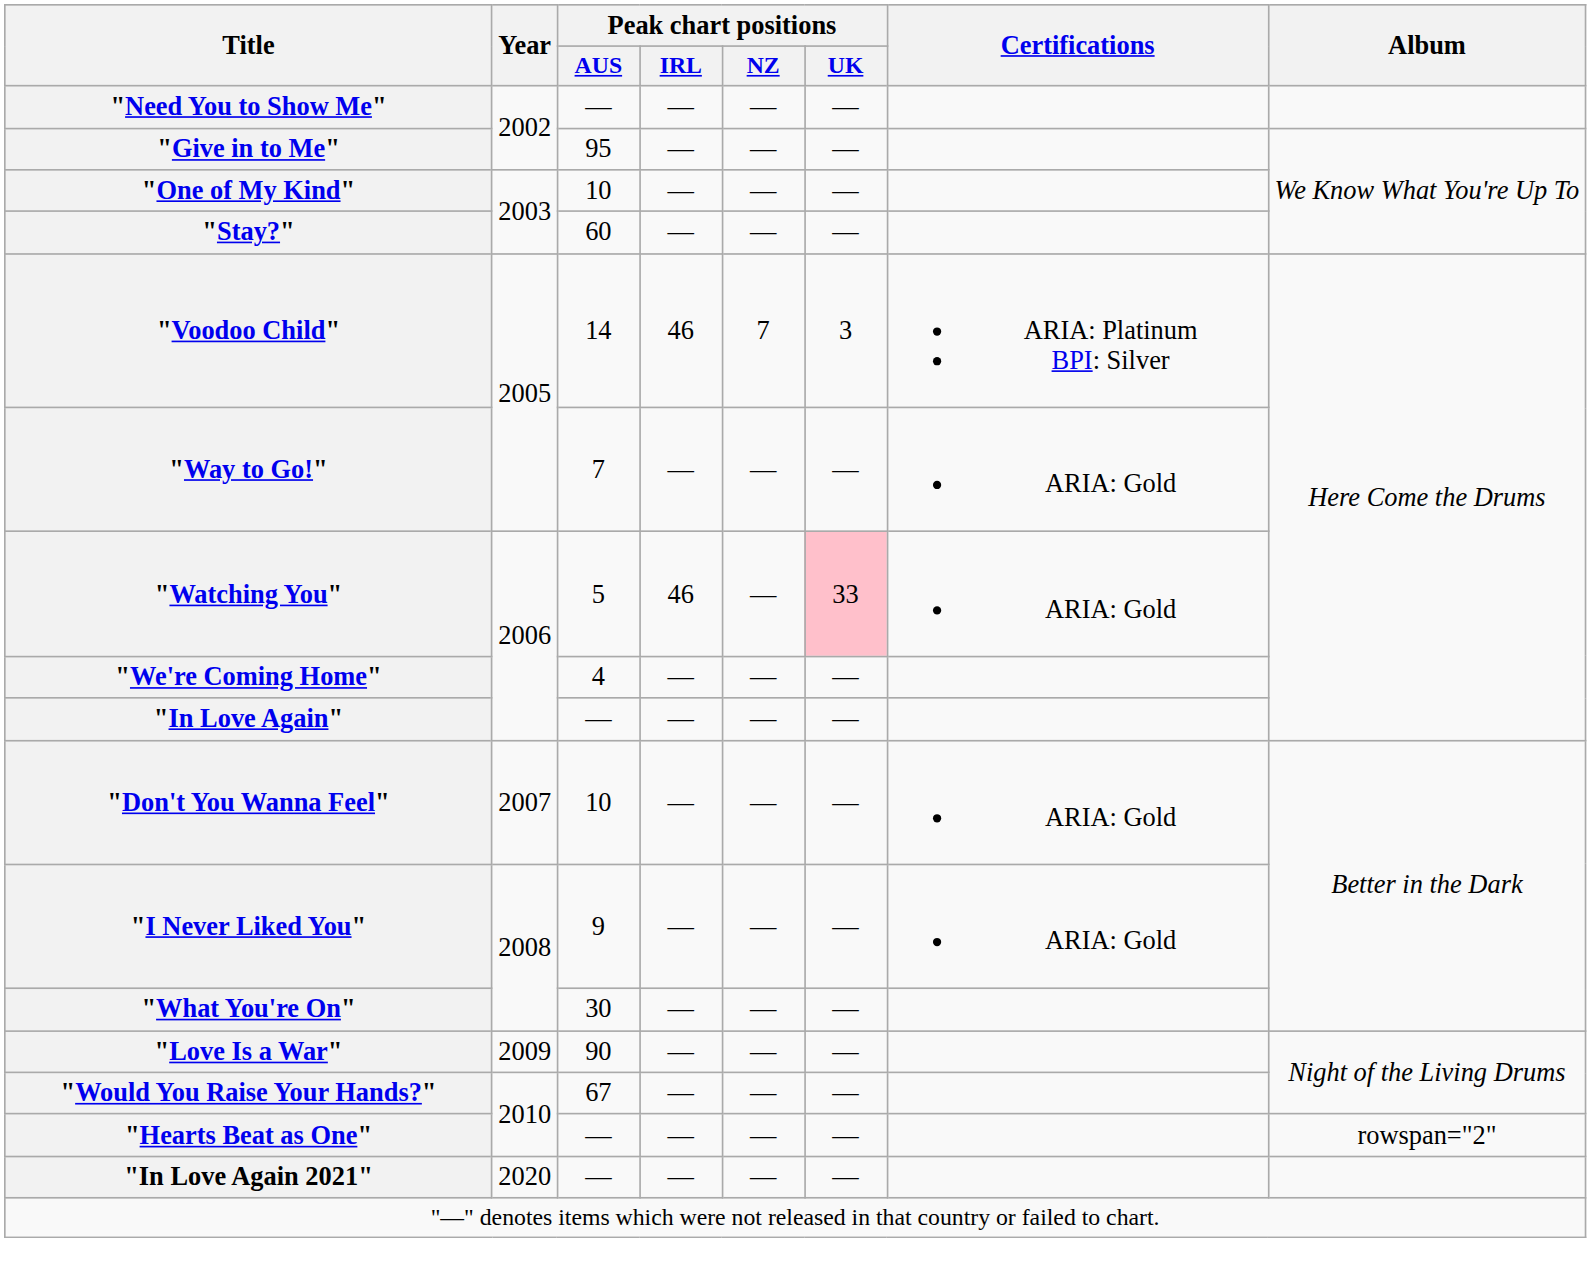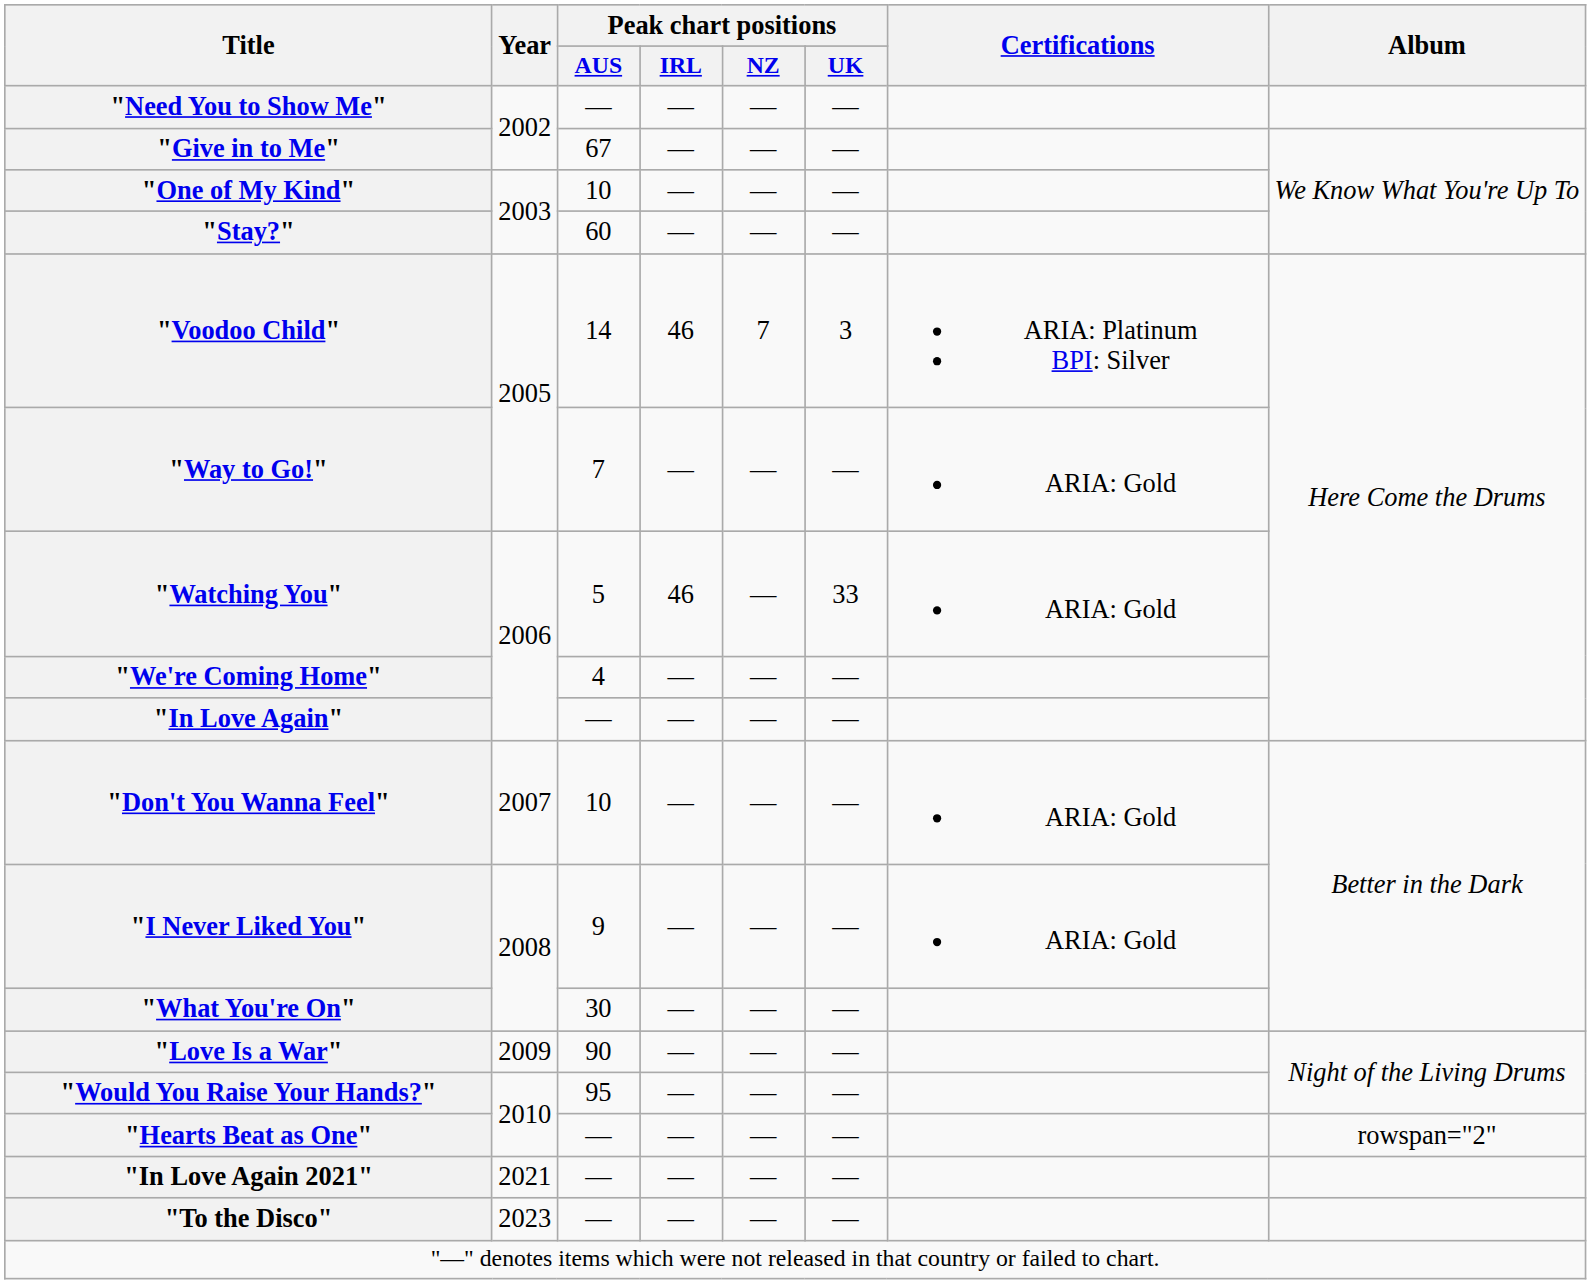 <table class="wikitable plainrowheaders" style="text-align:center;">
 <tr>
 <th scope="col" rowspan="2" style="width:18em;">Title</th>
 <th scope="col" rowspan="2">Year</th>
 <th scope="col" colspan="4">Peak chart positions</th>
 <th scope="col" rowspan="2" style="width:14em;"><a href='#'>Certifications</a></th>
 <th scope="col" rowspan="2">Album</th>
 </tr>
 <tr>
 <th scope="col" style="width:3em;font-size:90%;"><a href='#'>AUS</a><br></th>
 <th scope="col" style="width:3em;font-size:90%;"><a href='#'>IRL</a><br></th>
 <th scope="col" style="width:3em;font-size:90%;"><a href='#'>NZ</a><br></th>
 <th scope="col" style="width:3em;font-size:90%;"><a href='#'>UK</a><br></th>
 </tr>
 <tr>
 <th scope="row">"<a href='#'>Need You to Show Me</a>"</th>
 <td rowspan="2">2002</td>
 <td>—</td>
 <td>—</td>
 <td>—</td>
 <td>—</td>
 <td></td>
 <td></td>
 </tr>
 <tr>
 <th scope="row">"<a href='#'>Give in to Me</a>"</th>
-<td>95</td>
+<td>67</td>
 <td>—</td>
 <td>—</td>
 <td>—</td>
 <td></td>
 <td rowspan="3"><em>We Know What You're Up To</em></td>
 </tr>
 <tr>
 <th scope="row">"<a href='#'>One of My Kind</a>"<br></th>
 <td rowspan="2">2003</td>
 <td>10</td>
 <td>—</td>
 <td>—</td>
 <td>—</td>
 <td></td>
 </tr>
 <tr>
 <th scope="row">"<a href='#'>Stay?</a>"</th>
 <td>60</td>
 <td>—</td>
 <td>—</td>
 <td>—</td>
 <td></td>
 </tr>
 <tr>
 <th scope="row">"<a href='#'>Voodoo Child</a>"</th>
 <td rowspan="2">2005</td>
 <td>14</td>
 <td>46</td>
 <td>7</td>
 <td>3</td>
 <td><br><ul><li>ARIA: Platinum</li><li><a href='#'>BPI</a>: Silver</li></ul></td>
 <td rowspan="5"><em>Here Come the Drums</em></td>
 </tr>
 <tr>
 <th scope="row">"<a href='#'>Way to Go!</a>"</th>
 <td>7</td>
 <td>—</td>
 <td>—</td>
 <td>—</td>
 <td><br><ul><li>ARIA: Gold</li></ul></td>
 </tr>
 <tr>
 <th scope="row">"<a href='#'>Watching You</a>"</th>
 <td rowspan="3">2006</td>
 <td>5</td>
 <td>46</td>
 <td>—</td>
-<td style="background: pink;">33</td>
+<td>33</td>
 <td><br><ul><li>ARIA: Gold</li></ul></td>
 </tr>
 <tr>
 <th scope="row">"<a href='#'>We're Coming Home</a>"</th>
 <td>4</td>
 <td>—</td>
 <td>—</td>
 <td>—</td>
 <td align="center"></td>
 </tr>
 <tr>
 <th scope="row">"<a href='#'>In Love Again</a>"</th>
 <td>—</td>
 <td>—</td>
 <td>—</td>
 <td>—</td>
 <td></td>
 </tr>
 <tr>
 <th scope="row">"<a href='#'>Don't You Wanna Feel</a>"</th>
 <td>2007</td>
 <td>10</td>
 <td>—</td>
 <td>—</td>
 <td>—</td>
 <td><br><ul><li>ARIA: Gold</li></ul></td>
 <td rowspan="3"><em>Better in the Dark</em></td>
 </tr>
 <tr>
 <th scope="row">"<a href='#'>I Never Liked You</a>"</th>
 <td rowspan="2">2008</td>
 <td>9</td>
 <td>—</td>
 <td>—</td>
 <td>—</td>
 <td><br><ul><li>ARIA: Gold</li></ul></td>
 </tr>
 <tr>
 <th scope="row">"<a href='#'>What You're On</a>"</th>
 <td>30</td>
 <td>—</td>
 <td>—</td>
 <td>—</td>
 <td></td>
 </tr>
 <tr>
 <th scope="row">"<a href='#'>Love Is a War</a>"</th>
 <td>2009</td>
 <td>90</td>
 <td>—</td>
 <td>—</td>
 <td>—</td>
 <td></td>
 <td rowspan="2"><em>Night of the Living Drums</em></td>
 </tr>
 <tr>
 <th scope="row">"<a href='#'>Would You Raise Your Hands?</a>"</th>
 <td rowspan="2">2010</td>
-<td>67</td>
+<td>95</td>
 <td>—</td>
 <td>—</td>
 <td>—</td>
 <td></td>
 </tr>
 <tr>
 <th scope="row">"<a href='#'>Hearts Beat as One</a>"</th>
 <td>—</td>
 <td>—</td>
 <td>—</td>
 <td>—</td>
 <td></td>
 <td>rowspan="2" </td>
 </tr>
 <tr>
 <th scope="row">"In Love Again 2021"</th>
-<td>2020</td>
+<td>2021</td>
 <td>—</td>
 <td>—</td>
 <td>—</td>
 <td>—</td>
 <td></td>
 </tr>
 <tr>
+<th scope="row">"To the Disco"</th>
+<td>2023</td>
+<td>—</td>
+<td>—</td>
+<td>—</td>
+<td>—</td>
+<td></td>
+<td></td>
+</tr>
+<tr>
 <td colspan="8" style="font-size:90%;">"—" denotes items which were not released in that country or failed to chart.</td>
 </tr>
 </table>
